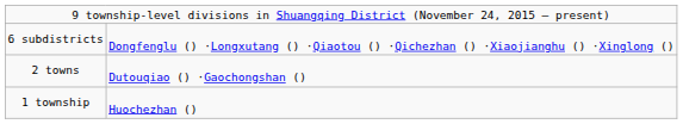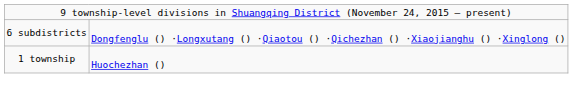 <table class="wikitable">
 <tr>
 <td style="text-align:center;" colspan="2">9 township-level divisions in <a href='#'>Shuangqing District</a> (November 24, 2015 – present)</td>
 </tr>
 <tr align=left>
 <td align=center>6 subdistricts</td>
 <td><br><a href='#'>Dongfenglu</a> () ·<a href='#'>Longxutang</a> () ·<a href='#'>Qiaotou</a> () ·<a href='#'>Qichezhan</a> () ·<a href='#'>Xiaojianghu</a> () ·<a href='#'>Xinglong</a> ()</td>
 </tr>
 <tr align=left>
-<td align=center>2 towns</td>
-<td><br><a href='#'>Dutouqiao</a> () ·<a href='#'>Gaochongshan</a> ()</td>
-</tr>
-<tr align=left>
 <td align=center>1 township</td>
 <td><br><a href='#'>Huochezhan</a> ()</td>
 </tr>
 </table>
